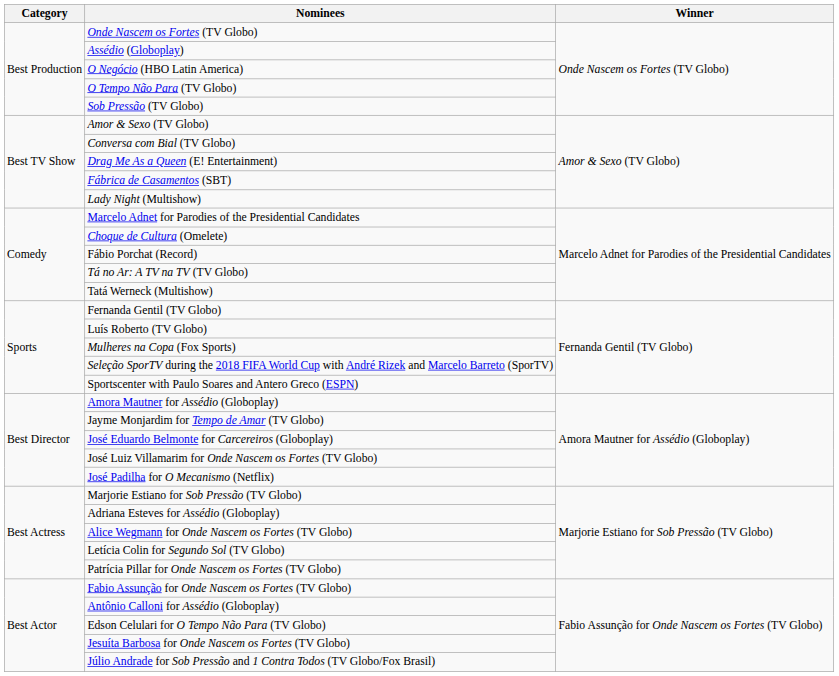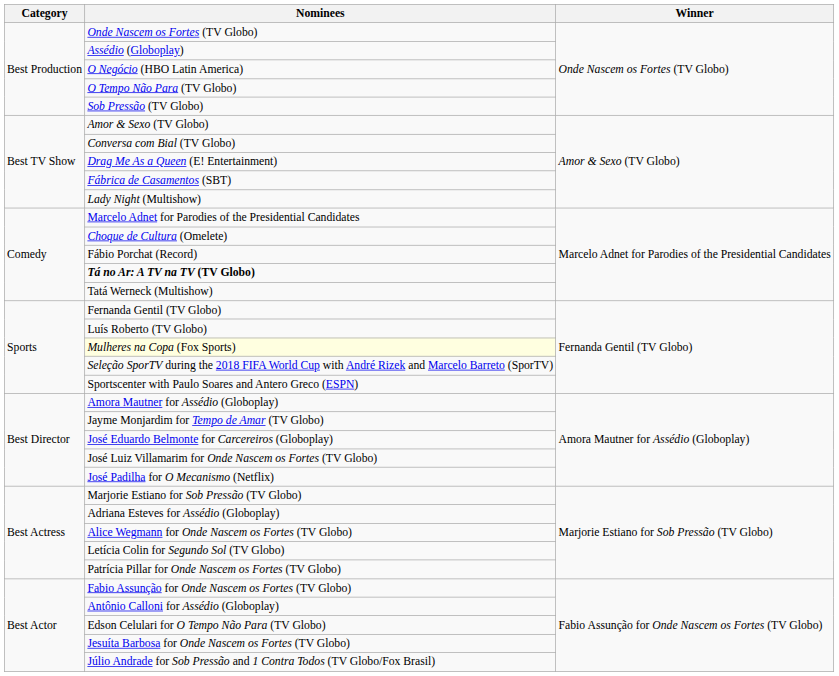 <table class="wikitable">
 <tr>
 <th>Category</th>
 <th>Nominees</th>
 <th>Winner</th>
 </tr>
 <tr>
 <td rowspan="5">Best Production</td>
 <td><em><a href='#'>Onde Nascem os Fortes</a></em> (TV Globo)</td>
 <td rowspan="5"><em>Onde Nascem os Fortes</em> (TV Globo)</td>
 </tr>
 <tr>
 <td><em><a href='#'>Assédio</a></em> (<a href='#'>Globoplay</a>)</td>
 </tr>
 <tr>
 <td><em><a href='#'>O Negócio</a></em> (HBO Latin America)</td>
 </tr>
 <tr>
 <td><em><a href='#'>O Tempo Não Para</a></em> (TV Globo)</td>
 </tr>
 <tr>
 <td><em><a href='#'>Sob Pressão</a></em> (TV Globo)</td>
 </tr>
 <tr>
 <td rowspan="5">Best TV Show</td>
 <td><em>Amor & Sexo</em> (TV Globo)</td>
 <td rowspan="5"><em>Amor & Sexo</em> (TV Globo)</td>
 </tr>
 <tr>
 <td><em>Conversa com Bial</em> (TV Globo)</td>
 </tr>
 <tr>
 <td><em><a href='#'>Drag Me As a Queen</a></em> (E! Entertainment)</td>
 </tr>
 <tr>
 <td><em><a href='#'>Fábrica de Casamentos</a></em> (SBT)</td>
 </tr>
 <tr>
 <td><em>Lady Night</em> (Multishow)</td>
 </tr>
 <tr>
 <td rowspan="5">Comedy</td>
 <td><a href='#'>Marcelo Adnet</a> for Parodies of the Presidential Candidates</td>
 <td rowspan="5">Marcelo Adnet for Parodies of the Presidential Candidates</td>
 </tr>
 <tr>
 <td><em><a href='#'>Choque de Cultura</a></em> (Omelete)</td>
 </tr>
 <tr>
 <td>Fábio Porchat (Record)</td>
 </tr>
 <tr>
-<td><em>Tá no Ar: A TV na TV</em> (TV Globo)</td>
+<td><strong><em>Tá no Ar: A TV na TV</em> (TV Globo)</strong></td>
 </tr>
 <tr>
 <td>Tatá Werneck (Multishow)</td>
 </tr>
 <tr>
 <td rowspan="5">Sports</td>
 <td>Fernanda Gentil (TV Globo)</td>
 <td rowspan="5">Fernanda Gentil (TV Globo)</td>
 </tr>
 <tr>
 <td>Luís Roberto (TV Globo)</td>
 </tr>
 <tr>
-<td><em>Mulheres na Copa</em> (Fox Sports)</td>
+<td style="background: lightyellow;"><em>Mulheres na Copa</em> (Fox Sports)</td>
 </tr>
 <tr>
 <td><em>Seleção SporTV</em> during the <a href='#'>2018 FIFA World Cup</a> with <a href='#'>André Rizek</a> and <a href='#'>Marcelo Barreto</a> (SporTV)</td>
 </tr>
 <tr>
 <td>Sportscenter with Paulo Soares and Antero Greco (<a href='#'>ESPN</a>)</td>
 </tr>
 <tr>
 <td rowspan="5">Best Director</td>
 <td><a href='#'>Amora Mautner</a> for <em>Assédio</em> (Globoplay)</td>
 <td rowspan="5">Amora Mautner for <em>Assédio</em> (Globoplay)</td>
 </tr>
 <tr>
 <td>Jayme Monjardim for <em><a href='#'>Tempo de Amar</a></em> (TV Globo)</td>
 </tr>
 <tr>
 <td><a href='#'>José Eduardo Belmonte</a> for <em>Carcereiros</em> (Globoplay)</td>
 </tr>
 <tr>
 <td>José Luiz Villamarim for <em>Onde Nascem os Fortes</em> (TV Globo)</td>
 </tr>
 <tr>
 <td><a href='#'>José Padilha</a> for <em>O Mecanismo</em> (Netflix)</td>
 </tr>
 <tr>
 <td rowspan="5">Best Actress</td>
 <td>Marjorie Estiano for <em>Sob Pressão</em> (TV Globo)</td>
 <td rowspan="5">Marjorie Estiano for <em>Sob Pressão</em> (TV Globo)</td>
 </tr>
 <tr>
 <td>Adriana Esteves for <em>Assédio</em> (Globoplay)</td>
 </tr>
 <tr>
 <td><a href='#'>Alice Wegmann</a> for <em>Onde Nascem os Fortes</em> (TV Globo)</td>
 </tr>
 <tr>
 <td>Letícia Colin for <em>Segundo Sol</em> (TV Globo)</td>
 </tr>
 <tr>
 <td>Patrícia Pillar for <em>Onde Nascem os Fortes</em> (TV Globo)</td>
 </tr>
 <tr>
 <td rowspan="5">Best Actor</td>
 <td><a href='#'>Fabio Assunção</a> for <em>Onde Nascem os Fortes</em> (TV Globo)</td>
 <td rowspan="5">Fabio Assunção for <em>Onde Nascem os Fortes</em> (TV Globo)</td>
 </tr>
 <tr>
 <td><a href='#'>Antônio Calloni</a> for <em>Assédio</em> (Globoplay)</td>
 </tr>
 <tr>
 <td>Edson Celulari for <em>O Tempo Não Para</em> (TV Globo)</td>
 </tr>
 <tr>
 <td><a href='#'>Jesuíta Barbosa</a> for <em>Onde Nascem os Fortes</em> (TV Globo)</td>
 </tr>
 <tr>
 <td><a href='#'>Júlio Andrade</a> for <em>Sob Pressão</em> and <em>1 Contra Todos</em> (TV Globo/Fox Brasil)</td>
 </tr>
 </table>
